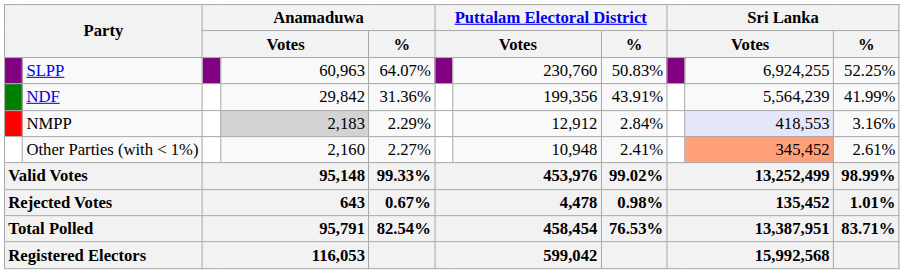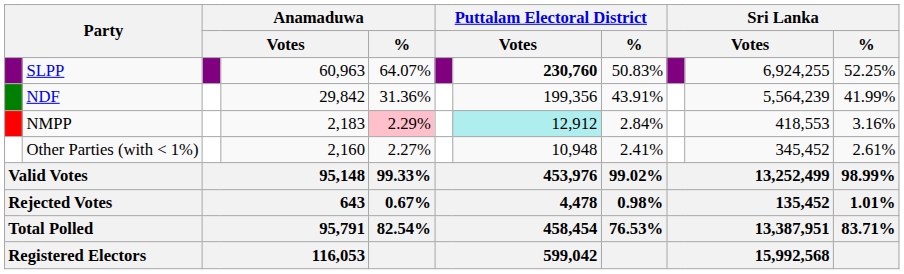 <table class="wikitable">
 <tr>
 <th colspan="2" width="144px"rowspan="2">Party</th>
 <th colspan="3" width="216px">Anamaduwa</th>
 <th colspan="3" width="216px"><a href='#'>Puttalam Electoral District</a></th>
 <th colspan="3" width="216px">Sri Lanka</th>
 </tr>
 <tr>
 <th colspan="2" width="144px">Votes</th>
 <th>%</th>
 <th colspan="2" width="144px">Votes</th>
 <th>%</th>
 <th colspan="2" width="144px">Votes</th>
 <th>%</th>
 </tr>
 <tr>
 <td style="background-color:purple;" width="10px"></td>
 <td style="text-align:left;"><a href='#'>SLPP</a></td>
 <td style="background-color:purple;" width="10px"></td>
 <td style="text-align:right;">60,963</td>
 <td style="text-align:right;">64.07%</td>
 <td style="background-color:purple;" width="10px"></td>
-<td style="text-align:right;">230,760</td>
+<td style="text-align:right;"><strong>230,760</strong></td>
 <td style="text-align:right;">50.83%</td>
 <td style="background-color:purple;" width="10px"></td>
 <td style="text-align:right;">6,924,255</td>
 <td style="text-align:right;">52.25%</td>
 </tr>
 <tr>
 <td style="background-color:green;" width="10px"></td>
 <td style="text-align:left;"><a href='#'>NDF</a></td>
 <td style="background-color:white;" width="10px"></td>
 <td style="text-align:right;">29,842</td>
 <td style="text-align:right;">31.36%</td>
 <td style="background-color:white;" width="10px"></td>
 <td style="text-align:right;">199,356</td>
 <td style="text-align:right;">43.91%</td>
 <td style="background-color:white;" width="10px"></td>
 <td style="text-align:right;">5,564,239</td>
 <td style="text-align:right;">41.99%</td>
 </tr>
 <tr>
 <td style="background-color:red;" width="10px"></td>
 <td style="text-align:left;">NMPP</td>
 <td style="background-color:white;" width="10px"></td>
-<td style="background: lightgrey; text-align:right;">2,183</td>
-<td style="text-align:right;">2.29%</td>
+<td style="text-align:right;">2,183</td>
+<td style="background: pink; text-align:right;">2.29%</td>
 <td style="background-color:white;" width="10px"></td>
-<td style="text-align:right;">12,912</td>
+<td style="background: paleturquoise; text-align:right;">12,912</td>
 <td style="text-align:right;">2.84%</td>
 <td style="background-color:white;" width="10px"></td>
-<td style="background: lavender; text-align:right;">418,553</td>
+<td style="text-align:right;">418,553</td>
 <td style="text-align:right;">3.16%</td>
 </tr>
 <tr>
 <td style="background-color:white;" width="10px"></td>
 <td style="text-align:left;">Other Parties (with < 1%)</td>
 <td style="background-color:white;" width="10px"></td>
 <td style="text-align:right;">2,160</td>
 <td style="text-align:right;">2.27%</td>
 <td style="background-color:white;" width="10px"></td>
 <td style="text-align:right;">10,948</td>
 <td style="text-align:right;">2.41%</td>
 <td style="background-color:white;" width="10px"></td>
-<td style="background: lightsalmon; text-align:right;">345,452</td>
+<td style="text-align:right;">345,452</td>
 <td style="text-align:right;">2.61%</td>
 </tr>
 <tr>
 <th colspan="2" width="144px"style="text-align:left;">Valid Votes</th>
 <th style="text-align:right;"colspan="2" width="144px">95,148</th>
 <th style="text-align:right;">99.33%</th>
 <th style="text-align:right;"colspan="2" width="144px">453,976</th>
 <th style="text-align:right;">99.02%</th>
 <th style="text-align:right;"colspan="2" width="144px">13,252,499</th>
 <th style="text-align:right;">98.99%</th>
 </tr>
 <tr>
 <th colspan="2" width="144px"style="text-align:left;">Rejected Votes</th>
 <th style="text-align:right;"colspan="2" width="144px">643</th>
 <th style="text-align:right;">0.67%</th>
 <th style="text-align:right;"colspan="2" width="144px">4,478</th>
 <th style="text-align:right;">0.98%</th>
 <th style="text-align:right;"colspan="2" width="144px">135,452</th>
 <th style="text-align:right;">1.01%</th>
 </tr>
 <tr>
 <th colspan="2" width="144px"style="text-align:left;">Total Polled</th>
 <th style="text-align:right;"colspan="2" width="144px">95,791</th>
 <th style="text-align:right;">82.54%</th>
 <th style="text-align:right;"colspan="2" width="144px">458,454</th>
 <th style="text-align:right;">76.53%</th>
 <th style="text-align:right;"colspan="2" width="144px">13,387,951</th>
 <th style="text-align:right;">83.71%</th>
 </tr>
 <tr>
 <th colspan="2" width="144px"style="text-align:left;">Registered Electors</th>
 <th style="text-align:right;"colspan="2" width="144px">116,053</th>
 <th></th>
 <th style="text-align:right;"colspan="2" width="144px">599,042</th>
 <th></th>
 <th style="text-align:right;"colspan="2" width="144px">15,992,568</th>
 <th></th>
 </tr>
 </table>
